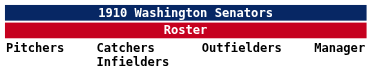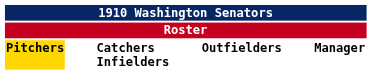 <table class="toccolours" style="font-size: 95%;">
 <tr>
 <th colspan="10" style="background-color: #072764; color: white; text-align: center;">1910 Washington Senators</th>
 </tr>
 <tr>
 <td colspan="10" style="background-color: #c6011f; color: white; text-align: center;"><strong>Roster</strong></td>
 </tr>
 <tr>
-<td valign="top"><strong>Pitchers</strong><br>          </td>
+<td valign="top" style="background: gold;"><strong>Pitchers</strong><br>          </td>
 <td width="25px"></td>
 <td valign="top"><strong>Catchers</strong><br>     <strong>Infielders</strong>         </td>
 <td width="25px"></td>
 <td valign="top"><strong>Outfielders</strong><br>    </td>
 <td width="25px"></td>
 <td valign="top"><strong>Manager</strong><br></td>
 </tr>
 </table>
